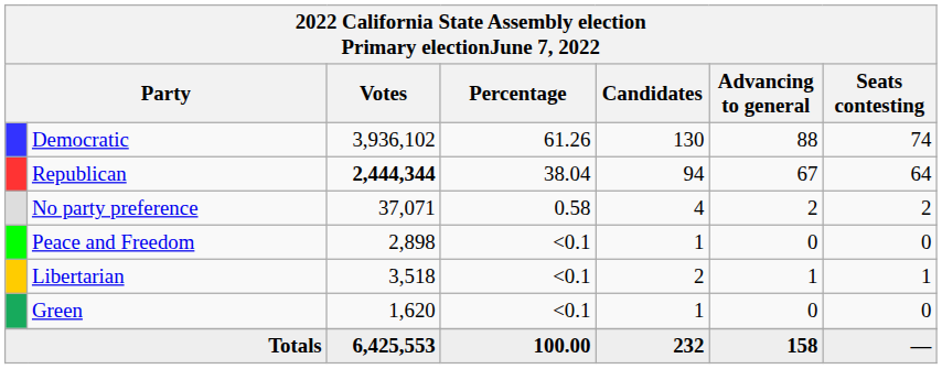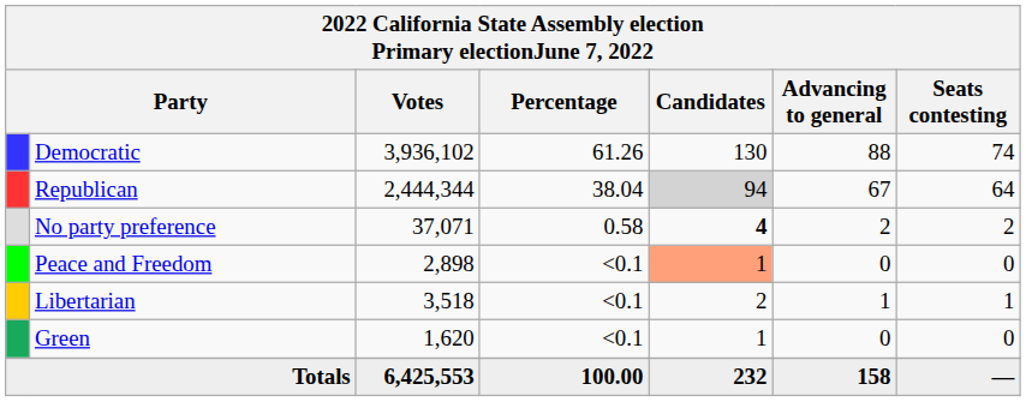 <table class="wikitable" style="font-size:95%;">
 <tr>
 <th colspan="7">2022 California State Assembly election<br>Primary electionJune 7, 2022</th>
 </tr>
 <tr>
 <th colspan=2 style="width: 15em">Party</th>
 <th style="width: 5em">Votes</th>
 <th style="width: 7em">Percentage</th>
 <th style="width: 5em">Candidates</th>
 <th style="width: 5em">Advancing to general</th>
 <th style="width: 5em">Seats contesting</th>
 </tr>
 <tr>
 <th style="background-color:#3333FF; width: 3px"></th>
 <td style="width: 130px"><a href='#'>Democratic</a></td>
 <td align="right">3,936,102</td>
 <td align="right">61.26</td>
 <td align="right">130</td>
 <td align="right">88</td>
 <td align="right">74</td>
 </tr>
 <tr>
 <th style="background-color:#FF3333; width: 3px"></th>
 <td style="width: 130px"><a href='#'>Republican</a></td>
-<td align="right"><strong>2,444,344</strong></td>
+<td align="right">2,444,344</td>
 <td align="right">38.04</td>
-<td align="right">94</td>
+<td align="right" style="background: lightgrey;">94</td>
 <td align="right">67</td>
 <td align="right">64</td>
 </tr>
 <tr>
 <th style="background-color:#DDDDDD; width: 3px"></th>
 <td style="width: 130px"><a href='#'>No party preference</a></td>
 <td align="right">37,071</td>
 <td align="right">0.58</td>
-<td align="right">4</td>
+<td align="right"><strong>4</strong></td>
 <td align="right">2</td>
 <td align="right">2</td>
 </tr>
 <tr>
 <th style="background-color:#00FF00; width: 3px"></th>
 <td style="width: 130px"><a href='#'>Peace and Freedom</a></td>
 <td align="right">2,898</td>
 <td align="right"><0.1</td>
-<td align="right">1</td>
+<td align="right" style="background: lightsalmon;">1</td>
 <td align="right">0</td>
 <td align="right">0</td>
 </tr>
 <tr>
 <th style="background-color:#FFCC00; width: 3px"></th>
 <td style="width: 130px"><a href='#'>Libertarian</a></td>
 <td align="right">3,518</td>
 <td align="right"><0.1</td>
 <td align="right">2</td>
 <td align="right">1</td>
 <td align="right">1</td>
 </tr>
 <tr>
 <th style="background-color:#17AA5C; width: 3px"></th>
 <td style="width: 130px"><a href='#'>Green</a></td>
 <td align="right">1,620</td>
 <td align="right"><0.1</td>
 <td align="right">1</td>
 <td align="right">0</td>
 <td align="right">0</td>
 </tr>
 <tr>
 </tr>
 <tr bgcolor="#EEEEEE">
 <td colspan="2" align="right"><strong>Totals</strong></td>
 <td align="right"><strong>6,425,553</strong></td>
 <td align="right"><strong>100.00</strong></td>
 <td align="right"><strong>232</strong></td>
 <td align="right"><strong>158</strong></td>
 <td align="right"><strong>—</strong></td>
 </tr>
 </table>
